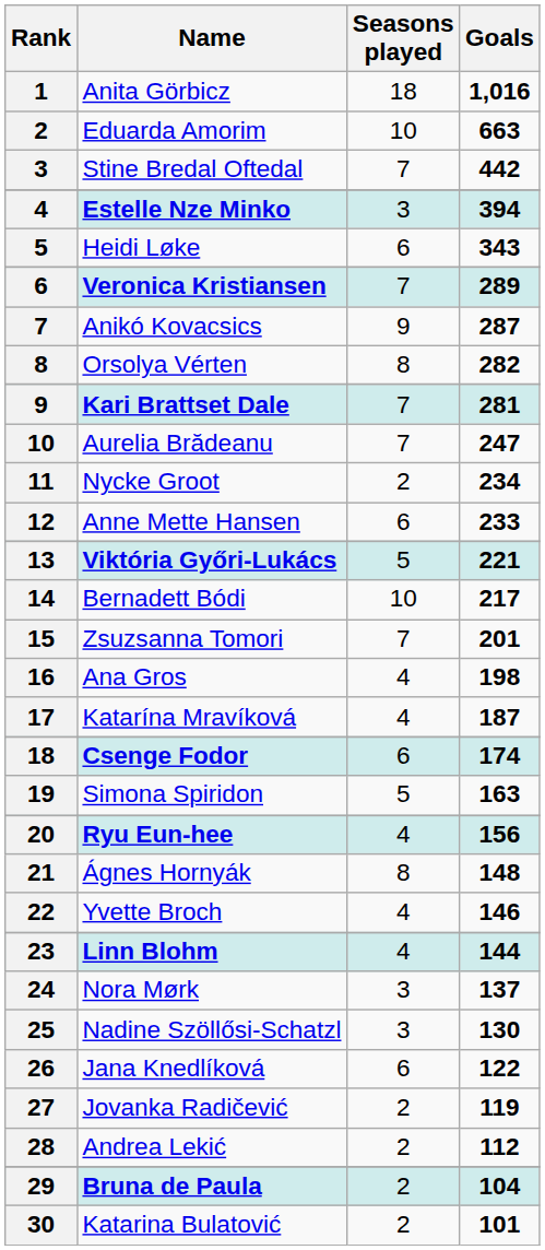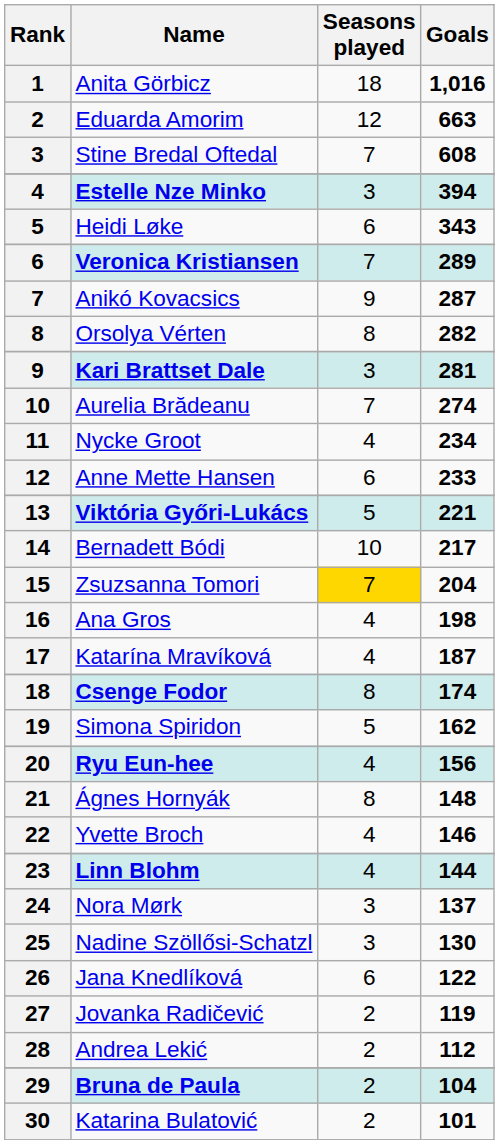 <table class="wikitable" style="text-align: center">
 <tr>
 <th>Rank</th>
 <th class="unsortable">Name</th>
 <th>Seasons<br>played</th>
 <th>Goals</th>
 </tr>
 <tr>
 <th rowspan="1">1</th>
 <td style="text-align: left;"> <a href='#'>Anita Görbicz</a></td>
 <td>18</td>
 <td><strong>1,016</strong></td>
 </tr>
 <tr>
 <th rowspan="1">2</th>
 <td style="text-align: left;"> <a href='#'>Eduarda Amorim</a></td>
-<td>10</td>
+<td>12</td>
 <td><strong>663</strong></td>
 </tr>
 <tr>
 <th rowspan="1">3</th>
 <td style="text-align: left;"> <a href='#'>Stine Bredal Oftedal</a></td>
 <td>7</td>
-<td><strong>442</strong></td>
+<td><strong>608</strong></td>
 </tr>
 <tr>
 </tr>
 <tr style="background-color: #CFECEC;">
 <th rowspan="1">4</th>
 <td style="text-align: left;"> <strong><a href='#'>Estelle Nze Minko</a></strong></td>
 <td>3</td>
 <td><strong>394</strong></td>
 </tr>
 <tr>
 <th rowspan="1">5</th>
 <td style="text-align: left;"> <a href='#'>Heidi Løke</a></td>
 <td>6</td>
 <td><strong>343</strong></td>
 </tr>
 <tr>
 </tr>
 <tr style="background-color: #CFECEC;">
 <th rowspan="1">6</th>
 <td style="text-align: left;"> <strong><a href='#'>Veronica Kristiansen</a></strong></td>
 <td>7</td>
 <td><strong>289</strong></td>
 </tr>
 <tr>
 <th rowspan="1">7</th>
 <td style="text-align: left;"> <a href='#'>Anikó Kovacsics</a></td>
 <td>9</td>
 <td><strong>287</strong></td>
 </tr>
 <tr>
 <th rowspan="1">8</th>
 <td style="text-align: left;"> <a href='#'>Orsolya Vérten</a></td>
 <td>8</td>
 <td><strong>282</strong></td>
 </tr>
 <tr>
 </tr>
 <tr style="background-color: #CFECEC;">
 <th rowspan="1">9</th>
 <td style="text-align: left;"> <strong><a href='#'>Kari Brattset Dale</a></strong></td>
-<td>7</td>
+<td>3</td>
 <td><strong>281</strong></td>
 </tr>
 <tr>
 <th rowspan="1">10</th>
 <td style="text-align: left;"> <a href='#'>Aurelia Brădeanu</a></td>
 <td>7</td>
-<td><strong>247</strong></td>
+<td><strong>274</strong></td>
 </tr>
 <tr>
 <th rowspan="1">11</th>
 <td style="text-align: left;"> <a href='#'>Nycke Groot</a></td>
-<td>2</td>
+<td>4</td>
 <td><strong>234</strong></td>
 </tr>
 <tr>
 <th rowspan="1">12</th>
 <td style="text-align: left;"> <a href='#'>Anne Mette Hansen</a></td>
 <td>6</td>
 <td><strong>233</strong></td>
 </tr>
 <tr>
 </tr>
 <tr style="background-color: #CFECEC;">
 <th rowspan="1">13</th>
 <td style="text-align: left;"> <strong><a href='#'>Viktória Győri-Lukács</a></strong></td>
 <td>5</td>
 <td><strong>221</strong></td>
 </tr>
 <tr>
 <th rowspan="1">14</th>
 <td style="text-align: left;"> <a href='#'>Bernadett Bódi</a></td>
 <td>10</td>
 <td><strong>217</strong></td>
 </tr>
 <tr>
 <th rowspan="1">15</th>
 <td style="text-align: left;"> <a href='#'>Zsuzsanna Tomori</a></td>
-<td>7</td>
-<td><strong>201</strong></td>
+<td style="background: gold;">7</td>
+<td><strong>204</strong></td>
 </tr>
 <tr>
 <th rowspan="1">16</th>
 <td style="text-align: left;"> <a href='#'>Ana Gros</a></td>
 <td>4</td>
 <td><strong>198</strong></td>
 </tr>
 <tr>
 <th rowspan="1">17</th>
 <td style="text-align: left;"> <a href='#'>Katarína Mravíková</a></td>
 <td>4</td>
 <td><strong>187</strong></td>
 </tr>
 <tr>
 </tr>
 <tr style="background-color: #CFECEC;">
 <th rowspan="1">18</th>
 <td style="text-align: left;"> <strong><a href='#'>Csenge Fodor</a></strong></td>
-<td>6</td>
+<td>8</td>
 <td><strong>174</strong></td>
 </tr>
 <tr>
 <th rowspan="1">19</th>
 <td style="text-align: left;"> <a href='#'>Simona Spiridon</a></td>
 <td>5</td>
-<td><strong>163</strong></td>
+<td><strong>162</strong></td>
 </tr>
 <tr>
 </tr>
 <tr style="background-color: #CFECEC;">
 <th rowspan="1">20</th>
 <td style="text-align: left;"> <strong><a href='#'>Ryu Eun-hee</a></strong></td>
 <td>4</td>
 <td><strong>156</strong></td>
 </tr>
 <tr>
 <th rowspan="1">21</th>
 <td style="text-align: left;"> <a href='#'>Ágnes Hornyák</a></td>
 <td>8</td>
 <td><strong>148</strong></td>
 </tr>
 <tr>
 <th rowspan="1">22</th>
 <td style="text-align: left;"> <a href='#'>Yvette Broch</a></td>
 <td>4</td>
 <td><strong>146</strong></td>
 </tr>
 <tr>
 </tr>
 <tr style="background-color: #CFECEC;">
 <th rowspan="1">23</th>
 <td style="text-align: left;"> <strong><a href='#'>Linn Blohm</a></strong></td>
 <td>4</td>
 <td><strong>144</strong></td>
 </tr>
 <tr>
 <th rowspan="1">24</th>
 <td style="text-align: left;"> <a href='#'>Nora Mørk</a></td>
 <td>3</td>
 <td><strong>137</strong></td>
 </tr>
 <tr>
 <th rowspan="1">25</th>
 <td style="text-align: left;"> <a href='#'>Nadine Szöllősi-Schatzl</a></td>
 <td>3</td>
 <td><strong>130</strong></td>
 </tr>
 <tr>
 <th rowspan="1">26</th>
 <td style="text-align: left;"> <a href='#'>Jana Knedlíková</a></td>
 <td>6</td>
 <td><strong>122</strong></td>
 </tr>
 <tr>
 <th rowspan="1">27</th>
 <td style="text-align: left;"> <a href='#'>Jovanka Radičević</a></td>
 <td>2</td>
 <td><strong>119</strong></td>
 </tr>
 <tr>
 <th rowspan="1">28</th>
 <td style="text-align: left;"> <a href='#'>Andrea Lekić</a></td>
 <td>2</td>
 <td><strong>112</strong></td>
 </tr>
 <tr>
 </tr>
 <tr style="background-color: #CFECEC;">
 <th rowspan="1">29</th>
 <td style="text-align: left;"> <strong><a href='#'>Bruna de Paula</a></strong></td>
 <td>2</td>
 <td><strong>104</strong></td>
 </tr>
 <tr>
 <th rowspan="1">30</th>
 <td style="text-align: left;"> <a href='#'>Katarina Bulatović</a></td>
 <td>2</td>
 <td><strong>101</strong></td>
 </tr>
 </table>
